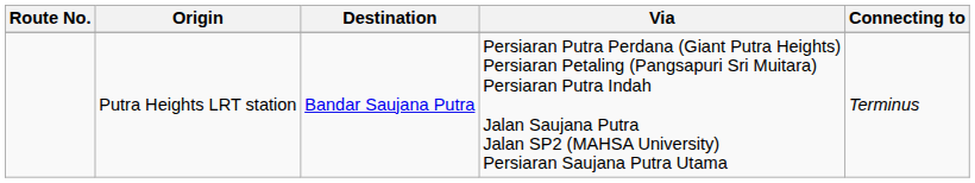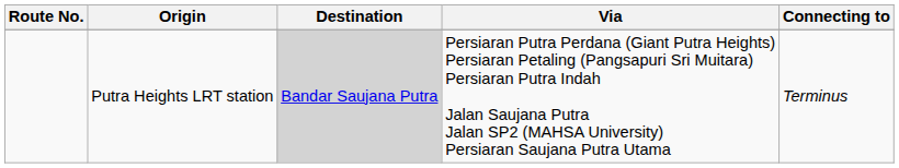 <table class="wikitable">
 <tr>
 <th>Route No.</th>
 <th>Origin</th>
 <th>Destination</th>
 <th>Via</th>
 <th>Connecting to</th>
 </tr>
 <tr>
 </tr>
 <tr>
 <td></td>
 <td> Putra Heights LRT station</td>
-<td><a href='#'>Bandar Saujana Putra</a></td>
+<td style="background: lightgrey;"><a href='#'>Bandar Saujana Putra</a></td>
 <td>Persiaran Putra Perdana (Giant Putra Heights) <br> Persiaran Petaling (Pangsapuri Sri Muitara) <br> Persiaran Putra Indah <br>  <br> Jalan Saujana Putra <br> Jalan SP2 (MAHSA University) <br> Persiaran Saujana Putra Utama</td>
 <td><em>Terminus</em></td>
 </tr>
 </table>
